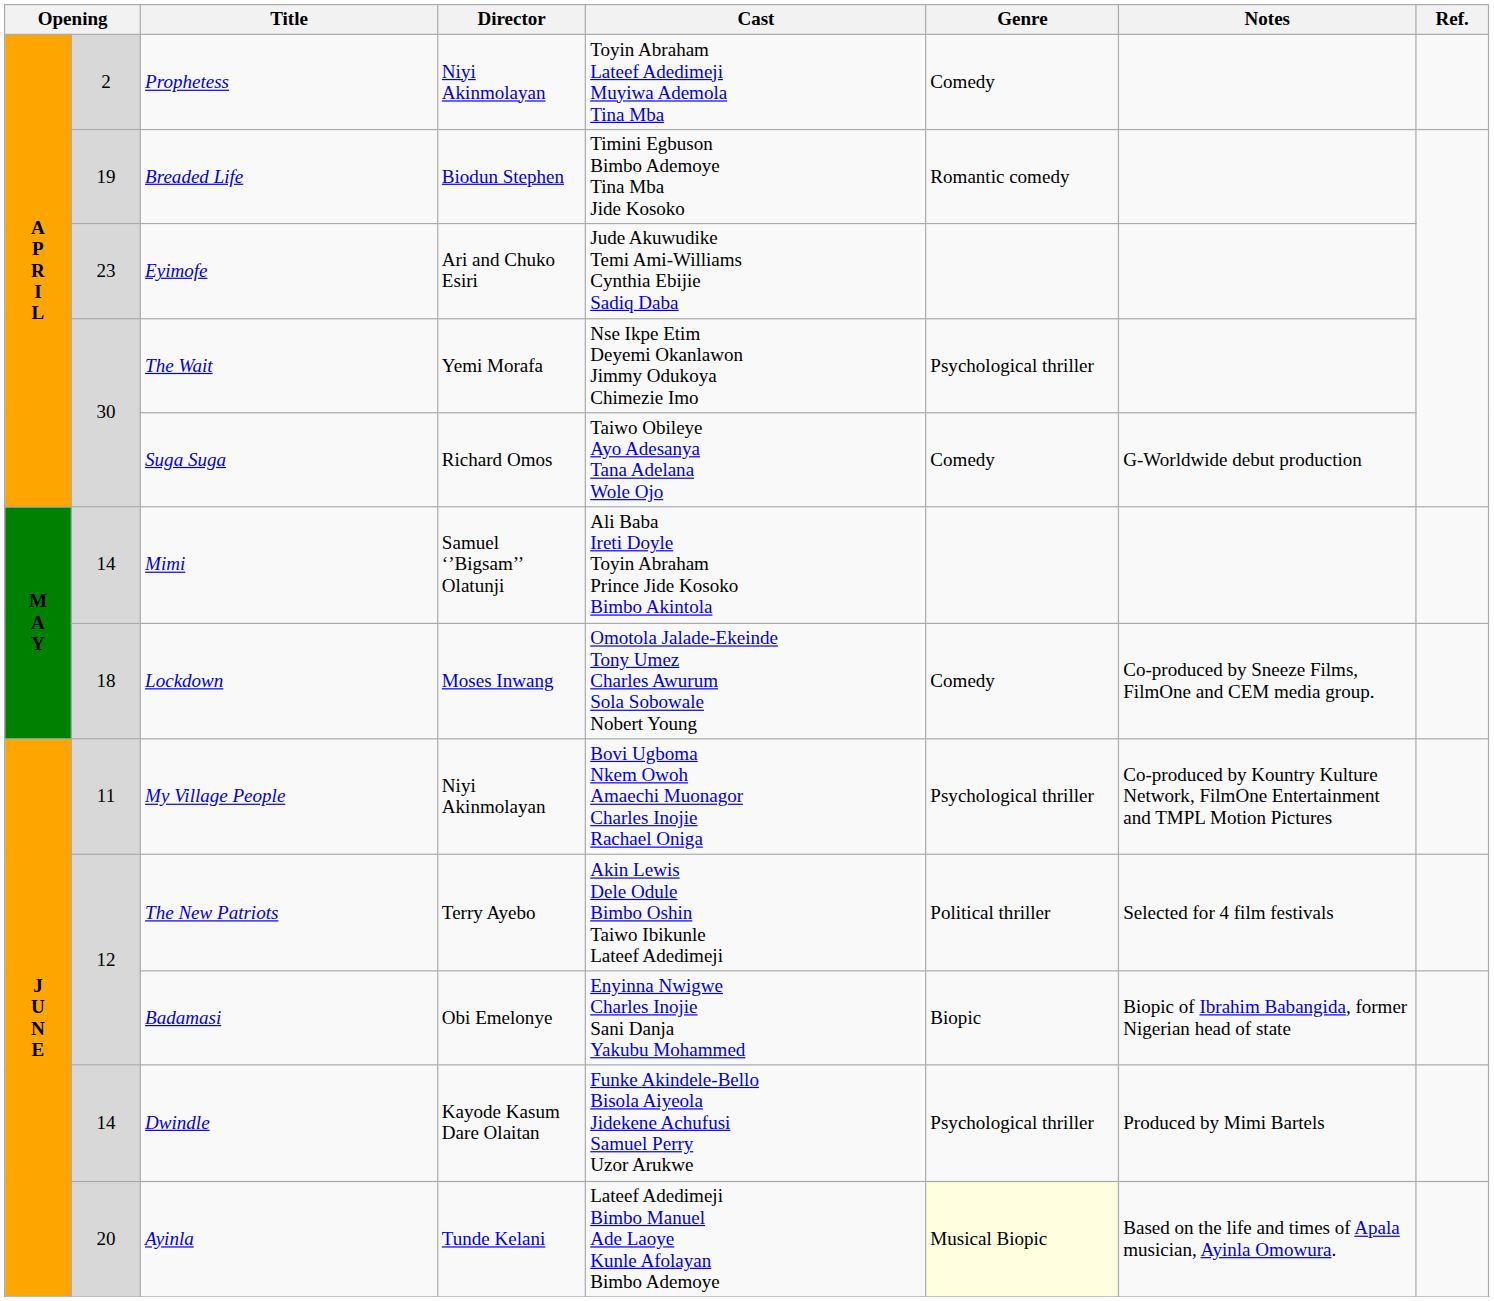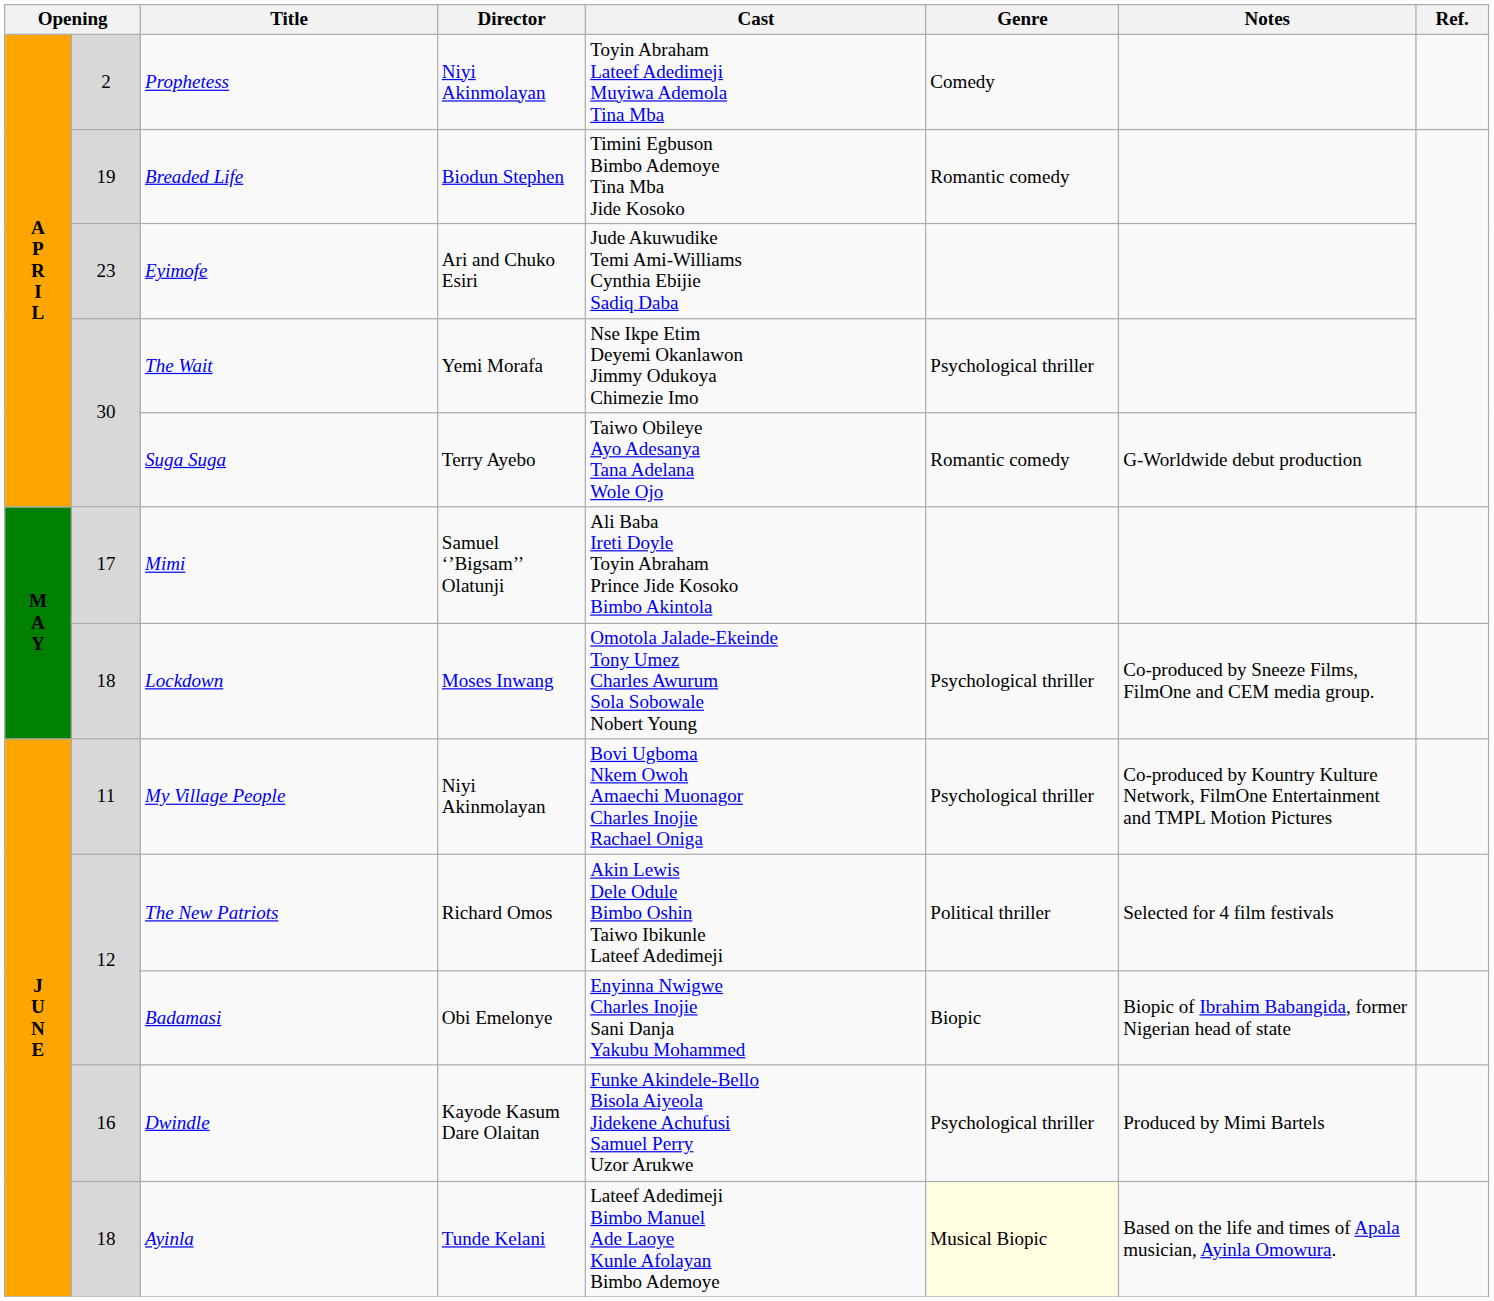 <table class="wikitable">
 <tr>
 <th colspan="2">Opening</th>
 <th style="width:20%;">Title</th>
 <th style="width:10%;">Director</th>
 <th>Cast</th>
 <th style="width:13%">Genre</th>
 <th style="width:20%">Notes</th>
 <th>Ref.</th>
 </tr>
 <tr>
 <td rowspan="5" style="text-align:center; background:orange; textcolor:#000;"><strong>A<br>P<br>R<br>I<br>L<br></strong></td>
 <td rowspan="1" style="text-align:center; background:#d8d8d8; textcolor:#000;">2</td>
 <td><a href='#'><em>Prophetess</em></a></td>
 <td><a href='#'>Niyi Akinmolayan</a></td>
 <td>Toyin Abraham<br><a href='#'>Lateef Adedimeji</a><br><a href='#'>Muyiwa Ademola</a><br><a href='#'>Tina Mba</a></td>
 <td>Comedy</td>
 <td></td>
 <td></td>
 </tr>
 <tr>
 <td rowspan="1" style="text-align:center; background:#d8d8d8; textcolor:#000;">19</td>
 <td><em><a href='#'>Breaded Life</a></em></td>
 <td><a href='#'>Biodun Stephen</a></td>
 <td>Timini Egbuson<br>Bimbo Ademoye<br>Tina Mba<br>Jide Kosoko</td>
 <td>Romantic comedy</td>
 <td></td>
 <td rowspan="4"><br></td>
 </tr>
 <tr>
 <td rowspan="1" style="text-align:center; background:#d8d8d8; textcolor:#000;">23</td>
 <td><em><a href='#'>Eyimofe</a></em></td>
 <td>Ari and Chuko Esiri</td>
 <td>Jude Akuwudike<br>Temi Ami-Williams<br>Cynthia Ebijie<br><a href='#'>Sadiq Daba</a></td>
 <td></td>
 <td></td>
 </tr>
 <tr>
 <td rowspan="2" style="text-align:center; background:#d8d8d8; textcolor:#000;">30</td>
 <td><a href='#'><em>The Wait</em></a></td>
 <td>Yemi Morafa</td>
 <td>Nse Ikpe Etim<br>Deyemi Okanlawon<br>Jimmy Odukoya<br>Chimezie Imo</td>
 <td>Psychological thriller</td>
 <td></td>
 </tr>
 <tr>
 <td><a href='#'><em>Suga Suga</em></a></td>
-<td>Richard Omos</td>
+<td>Terry Ayebo</td>
 <td>Taiwo Obileye<br><a href='#'>Ayo Adesanya</a><br><a href='#'>Tana Adelana</a><br><a href='#'>Wole Ojo</a></td>
-<td>Comedy</td>
+<td>Romantic comedy</td>
 <td>G-Worldwide debut production</td>
 </tr>
 <tr>
 <td rowspan="2" style="text-align:center; background:green; textcolor:#000;"><strong>M<br>A<br>Y<br></strong></td>
-<td style="text-align:center; background:#d8d8d8; textcolor:#000;">14</td>
+<td style="text-align:center; background:#d8d8d8; textcolor:#000;">17</td>
 <td><a href='#'><em>Mimi</em></a></td>
 <td>Samuel ‘’Bigsam’’ Olatunji</td>
 <td>Ali Baba<br><a href='#'>Ireti Doyle</a><br>Toyin Abraham<br>Prince Jide Kosoko<br><a href='#'>Bimbo Akintola</a></td>
 <td></td>
 <td></td>
 <td></td>
 </tr>
 <tr>
 <td rowspan="1" style="text-align:center; background:#d8d8d8; textcolor:#000;">18</td>
 <td><a href='#'><em>Lockdown</em></a></td>
 <td><a href='#'>Moses Inwang</a></td>
 <td><a href='#'>Omotola Jalade-Ekeinde</a><br><a href='#'>Tony Umez</a><br><a href='#'>Charles Awurum</a><br><a href='#'>Sola Sobowale</a><br>Nobert Young</td>
-<td>Comedy</td>
+<td>Psychological thriller</td>
 <td>Co-produced by Sneeze Films, FilmOne and CEM media group.</td>
 <td></td>
 </tr>
 <tr>
 <td rowspan="5" style="text-align:center; background:orange; textcolor:#000;"><strong>J<br>U<br>N<br>E<br></strong></td>
 <td style="text-align:center; background:#d8d8d8; textcolor:#000;">11</td>
 <td><em><a href='#'>My Village People</a></em></td>
 <td>Niyi Akinmolayan</td>
 <td><a href='#'>Bovi Ugboma</a><br><a href='#'>Nkem Owoh</a><br><a href='#'>Amaechi Muonagor</a><br><a href='#'>Charles Inojie</a><br><a href='#'>Rachael Oniga</a></td>
 <td>Psychological thriller</td>
 <td>Co-produced by Kountry Kulture Network, FilmOne Entertainment and TMPL Motion Pictures</td>
 <td></td>
 </tr>
 <tr>
 <td rowspan="2" style="text-align:center; background:#d8d8d8; textcolor:#000;">12</td>
 <td><em><a href='#'>The New Patriots</a></em></td>
-<td>Terry Ayebo</td>
+<td>Richard Omos</td>
 <td><a href='#'>Akin Lewis</a><br><a href='#'>Dele Odule</a><br><a href='#'>Bimbo Oshin</a><br>Taiwo Ibikunle<br>Lateef Adedimeji</td>
 <td>Political thriller</td>
 <td>Selected for 4 film festivals</td>
 <td></td>
 </tr>
 <tr>
 <td><em><a href='#'>Badamasi</a></em></td>
 <td>Obi Emelonye</td>
 <td><a href='#'>Enyinna Nwigwe</a><br><a href='#'>Charles Inojie</a><br>Sani Danja<br><a href='#'>Yakubu Mohammed</a></td>
 <td>Biopic</td>
 <td>Biopic of <a href='#'>Ibrahim Babangida</a>, former Nigerian head of state</td>
 <td></td>
 </tr>
 <tr>
-<td style="text-align:center; background:#d8d8d8; textcolor:#000;">14</td>
+<td style="text-align:center; background:#d8d8d8; textcolor:#000;">16</td>
 <td><em><a href='#'>Dwindle</a></em></td>
 <td>Kayode Kasum<br>Dare Olaitan</td>
 <td><a href='#'>Funke Akindele-Bello</a><br><a href='#'>Bisola Aiyeola</a><br><a href='#'>Jidekene Achufusi</a><br><a href='#'>Samuel Perry</a><br>Uzor Arukwe</td>
 <td>Psychological thriller</td>
 <td>Produced by Mimi Bartels</td>
 <td></td>
 </tr>
 <tr>
-<td style="text-align:center; background:#d8d8d8; textcolor:#000;">20</td>
+<td style="text-align:center; background:#d8d8d8; textcolor:#000;">18</td>
 <td><a href='#'><em>Ayinla</em></a></td>
 <td><a href='#'>Tunde Kelani</a></td>
 <td>Lateef Adedimeji<br><a href='#'>Bimbo Manuel</a><br><a href='#'>Ade Laoye</a><br><a href='#'>Kunle Afolayan</a><br>Bimbo Ademoye</td>
 <td style="background: lightyellow;">Musical Biopic</td>
 <td>Based on the life and times of <a href='#'>Apala</a> musician, <a href='#'>Ayinla Omowura</a>.</td>
 <td></td>
 </tr>
 </table>
